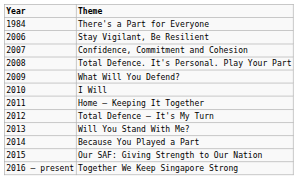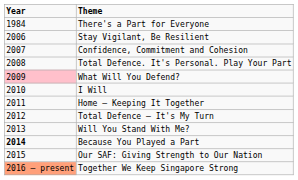 <table | class="wikitable sortable mw-collapsible mw-collapsed">
 <tr>
 <td><strong>Year</strong></td>
 <td><strong>Theme</strong></td>
 </tr>
 <tr>
 <td>1984</td>
 <td>There's a Part for Everyone</td>
 </tr>
 <tr>
 <td>2006</td>
 <td>Stay Vigilant, Be Resilient</td>
 </tr>
 <tr>
 <td>2007</td>
 <td>Confidence, Commitment and Cohesion</td>
 </tr>
 <tr>
 <td>2008</td>
 <td>Total Defence. It's Personal. Play Your Part</td>
 </tr>
 <tr>
-<td>2009</td>
+<td style="background: pink;">2009</td>
 <td>What Will You Defend?</td>
 </tr>
 <tr>
 <td>2010</td>
 <td>I Will</td>
 </tr>
 <tr>
 <td>2011</td>
 <td>Home – Keeping It Together</td>
 </tr>
 <tr>
 <td>2012</td>
 <td>Total Defence – It's My Turn</td>
 </tr>
 <tr>
 <td>2013</td>
 <td>Will You Stand With Me?</td>
 </tr>
 <tr>
-<td>2014</td>
+<td><strong>2014</strong></td>
 <td>Because You Played a Part</td>
 </tr>
 <tr>
 <td>2015</td>
 <td>Our SAF: Giving Strength to Our Nation</td>
 </tr>
 <tr>
-<td>2016 – present</td>
+<td style="background: lightsalmon;">2016 – present</td>
 <td>Together We Keep Singapore Strong</td>
 </tr>
 </table>
